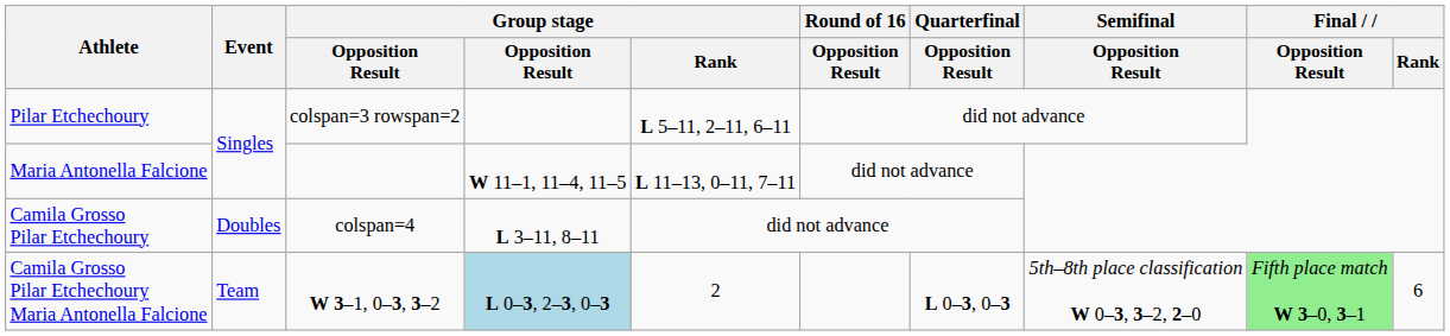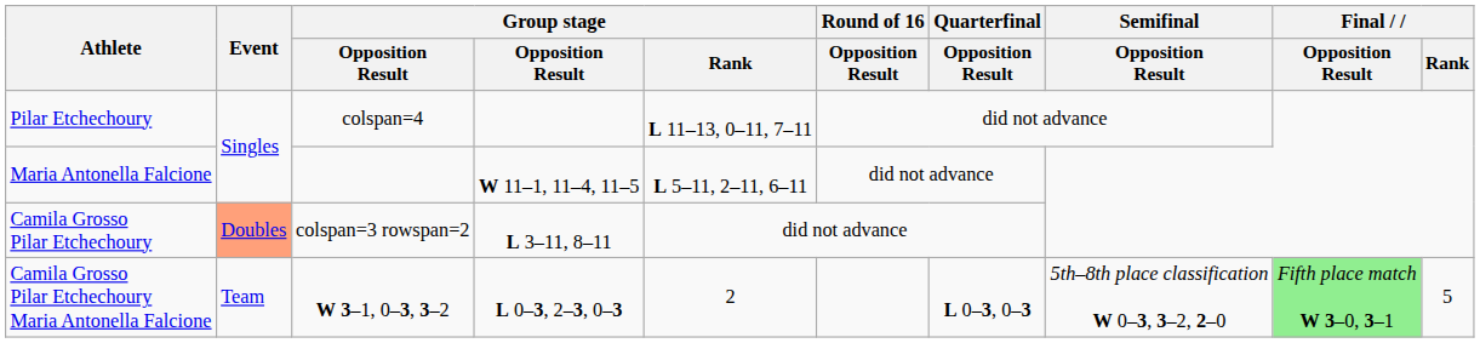 <table class="wikitable" style="font-size:90%;text-align:center">
 <tr>
 <th rowspan=2>Athlete</th>
 <th rowspan=2>Event</th>
 <th colspan=3>Group stage</th>
 <th>Round of 16</th>
 <th>Quarterfinal</th>
 <th>Semifinal</th>
 <th colspan=2>Final /  / </th>
 </tr>
 <tr style=font-size:95%>
 <th>Opposition<br>Result</th>
 <th>Opposition<br>Result</th>
 <th>Rank</th>
 <th>Opposition<br>Result</th>
 <th>Opposition<br>Result</th>
 <th>Opposition<br>Result</th>
 <th>Opposition<br>Result</th>
 <th>Rank</th>
 </tr>
 <tr>
 <td style="text-align:left"><a href='#'>Pilar Etchechoury</a></td>
 <td style="text-align:left" rowspan=2><a href='#'>Singles</a></td>
-<td>colspan=3 rowspan=2 </td>
+<td>colspan=4 </td>
 <td></td>
-<td><br><strong>L</strong> 5–11, 2–11, 6–11</td>
+<td><br><strong>L</strong> 11–13, 0–11, 7–11</td>
 <td colspan=3>did not advance</td>
 </tr>
 <tr>
 <td style="text-align:left"><a href='#'>Maria Antonella Falcione</a></td>
 <td></td>
 <td><br><strong>W</strong> 11–1, 11–4, 11–5</td>
-<td><br><strong>L</strong> 11–13, 0–11, 7–11</td>
+<td><br><strong>L</strong> 5–11, 2–11, 6–11</td>
 <td colspan=2>did not advance</td>
 </tr>
 <tr>
 <td style="text-align:left"><a href='#'>Camila Grosso</a><br><a href='#'>Pilar Etchechoury</a></td>
-<td style="text-align:left"><a href='#'>Doubles</a></td>
-<td>colspan=4 </td>
+<td style="background: lightsalmon; text-align:left"><a href='#'>Doubles</a></td>
+<td>colspan=3 rowspan=2 </td>
 <td><br><strong>L</strong> 3–11, 8–11</td>
 <td colspan=3>did not advance</td>
 </tr>
 <tr>
 <td style="text-align:left"><a href='#'>Camila Grosso</a><br><a href='#'>Pilar Etchechoury</a><br><a href='#'>Maria Antonella Falcione</a></td>
 <td style="text-align:left"><a href='#'>Team</a></td>
 <td><br><strong>W</strong> <strong>3</strong>–1, 0–<strong>3</strong>, <strong>3</strong>–2</td>
-<td style="background: lightblue;"><br><strong>L</strong> 0–<strong>3</strong>, 2–<strong>3</strong>, 0–<strong>3</strong></td>
+<td><br><strong>L</strong> 0–<strong>3</strong>, 2–<strong>3</strong>, 0–<strong>3</strong></td>
 <td>2</td>
 <td></td>
 <td><br><strong>L</strong> 0–<strong>3</strong>, 0–<strong>3</strong></td>
 <td><em>5th–8th place classification</em><br><br><strong>W</strong> 0–<strong>3</strong>, <strong>3</strong>–2, <strong>2</strong>–0</td>
 <td style="background: lightgreen;"><em>Fifth place match</em><br><br><strong>W</strong> <strong>3</strong>–0, <strong>3</strong>–1</td>
-<td>6</td>
+<td>5</td>
 </tr>
 </table>
